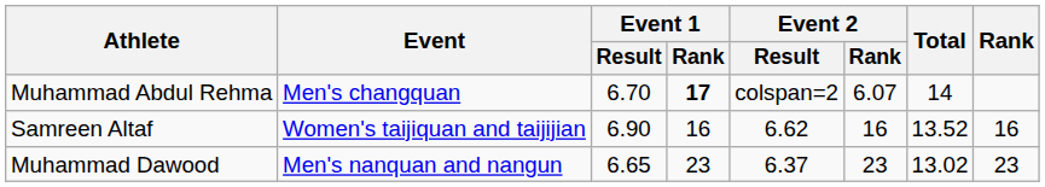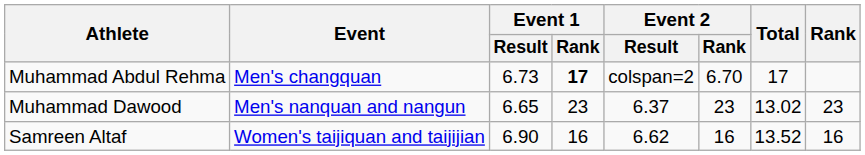 <table class=wikitable style=font-size:90%;text-align:center>
 <tr>
 <th rowspan="2">Athlete</th>
 <th rowspan="2">Event</th>
 <th colspan="2">Event 1</th>
 <th colspan="2">Event 2</th>
 <th rowspan="2">Total</th>
 <th rowspan="2">Rank</th>
 </tr>
 <tr style="font-size:95%">
 <th>Result</th>
 <th>Rank</th>
 <th>Result</th>
 <th>Rank</th>
 </tr>
 <tr>
 <td align=left>Muhammad Abdul Rehma</td>
 <td align=left><a href='#'>Men's changquan</a></td>
-<td>6.70</td>
+<td>6.73</td>
 <td><strong>17</strong></td>
 <td>colspan=2 </td>
-<td>6.07</td>
-<td>14</td>
+<td>6.70</td>
+<td>17</td>
+</tr>
+<tr>
+<td align=left>Muhammad Dawood</td>
+<td align=left><a href='#'>Men's nanquan and nangun</a></td>
+<td>6.65</td>
+<td>23</td>
+<td>6.37</td>
+<td>23</td>
+<td>13.02</td>
+<td>23</td>
 </tr>
 <tr>
 <td align=left>Samreen Altaf</td>
 <td align=left><a href='#'>Women's taijiquan and taijijian</a></td>
 <td>6.90</td>
 <td>16</td>
 <td>6.62</td>
 <td>16</td>
 <td>13.52</td>
 <td>16</td>
 </tr>
-<tr>
-<td align=left>Muhammad Dawood</td>
-<td align=left><a href='#'>Men's nanquan and nangun</a></td>
-<td>6.65</td>
-<td>23</td>
-<td>6.37</td>
-<td>23</td>
-<td>13.02</td>
-<td>23</td>
-</tr>
 </table>
